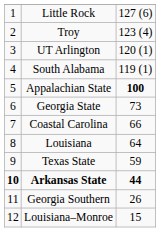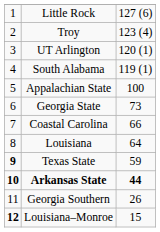 <table class="wikitable">
 <tr align="center">
 </tr>
 <tr align="center">
 <td>1</td>
 <td>Little Rock</td>
 <td>127 (6)</td>
 </tr>
 <tr align="center">
 <td>2</td>
 <td>Troy</td>
 <td>123 (4)</td>
 </tr>
 <tr align="center">
 <td>3</td>
 <td>UT Arlington</td>
 <td>120 (1)</td>
 </tr>
 <tr align="center">
 <td>4</td>
 <td>South Alabama</td>
 <td>119 (1)</td>
 </tr>
 <tr align="center">
 <td>5</td>
 <td>Appalachian State</td>
-<td><strong>100</strong></td>
+<td>100</td>
 </tr>
 <tr align="center">
 <td>6</td>
 <td>Georgia State</td>
 <td>73</td>
 </tr>
 <tr align="center">
 <td>7</td>
 <td>Coastal Carolina</td>
 <td>66</td>
 </tr>
 <tr align="center">
 <td>8</td>
 <td>Louisiana</td>
 <td>64</td>
 </tr>
 <tr align="center">
-<td>9</td>
+<td><strong>9</strong></td>
 <td>Texas State</td>
 <td>59</td>
 </tr>
 <tr align="center">
 <td><strong>10</strong></td>
 <td><strong>Arkansas State</strong></td>
 <td><strong>44</strong></td>
 </tr>
 <tr align="center">
 <td>11</td>
 <td>Georgia Southern</td>
 <td>26</td>
 </tr>
 <tr align="center">
-<td>12</td>
+<td><strong>12</strong></td>
 <td>Louisiana–Monroe</td>
 <td>15</td>
 </tr>
 </table>
